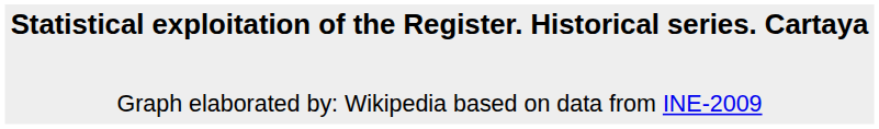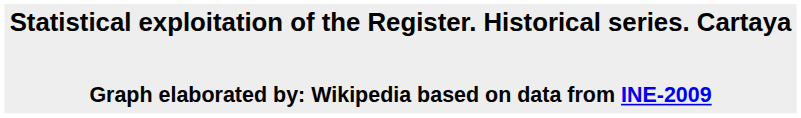 <table style="background:#eeeeee; text-align:center" align="center">
 <tr>
 <th><strong>Statistical exploitation of the Register. Historical series. Cartaya</strong></th>
 </tr>
 <tr>
 <td><br></td>
 </tr>
 <tr>
-<td><small>Graph elaborated by: Wikipedia based on data from <a href='#'>INE-2009</a></small></td>
+<td><strong><small>Graph elaborated by: Wikipedia based on data from <a href='#'>INE-2009</a></small></strong></td>
 </tr>
 </table>
